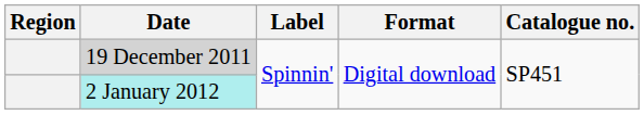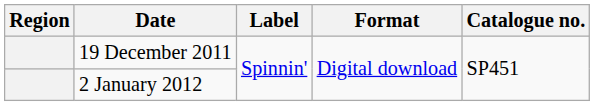 <table class="wikitable plainrowheaders">
 <tr>
 <th scope="col">Region</th>
 <th scope="col">Date</th>
 <th scope="col">Label</th>
 <th scope="col">Format</th>
 <th scope="col">Catalogue no.</th>
 </tr>
 <tr>
 <th scope="row"></th>
-<td style="background: lightgrey;">19 December 2011</td>
+<td>19 December 2011</td>
 <td rowspan="2"><a href='#'>Spinnin'</a></td>
 <td rowspan="2"><a href='#'>Digital download</a></td>
 <td rowspan="2">SP451</td>
 </tr>
 <tr>
 <th scope="row"></th>
-<td style="background: paleturquoise;">2 January 2012</td>
+<td>2 January 2012</td>
 </tr>
 </table>
